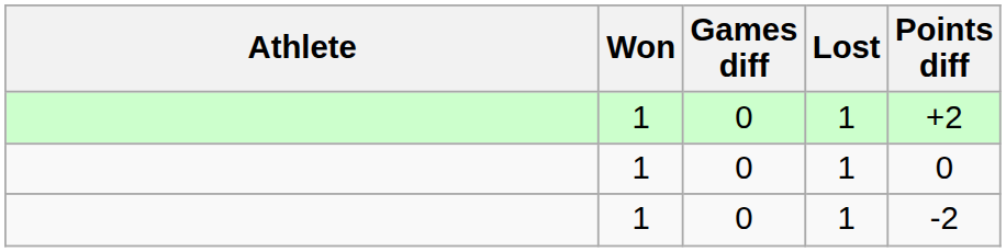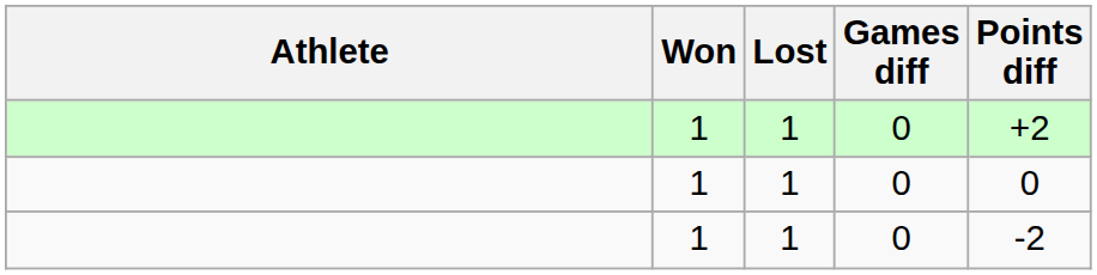 <table class="wikitable">
 <tr>
 <th style="width:18em">Athlete</th>
 <th>Won</th>
+<th>Lost</th>
 <th>Games<br>diff</th>
-<th>Lost</th>
 <th>Points<br>diff</th>
 </tr>
 <tr bgcolor=ccffcc>
 <td></td>
 <td align="center">1</td>
+<td align="center">1</td>
 <td align="center">0</td>
-<td align="center">1</td>
 <td align="center">+2</td>
 </tr>
 <tr>
 <td></td>
 <td align="center">1</td>
+<td align="center">1</td>
 <td align="center">0</td>
-<td align="center">1</td>
 <td align="center">0</td>
 </tr>
 <tr>
 <td></td>
 <td align="center">1</td>
+<td align="center">1</td>
 <td align="center">0</td>
-<td align="center">1</td>
 <td align="center">-2</td>
 </tr>
 </table>
